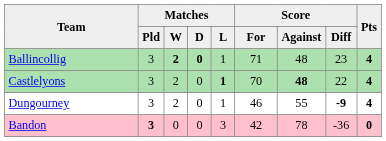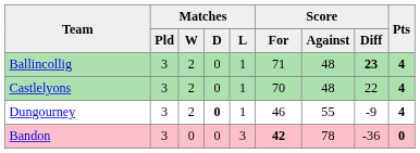 <table style=border-collapse:collapse border=1 cellspacing=0 cellpadding=5>
 <tr align=center bgcolor=#efefef>
 <th rowspan=2 width=165>Team</th>
 <th colspan=4>Matches</th>
 <th colspan=3>Score</th>
 <th rowspan=2width=20>Pts</th>
 </tr>
 <tr align=center bgcolor=#efefef>
 <th width=20>Pld</th>
 <th width=20>W</th>
 <th width=20>D</th>
 <th width=20>L</th>
 <th width=45>For</th>
 <th width=45>Against</th>
 <th width=30>Diff</th>
 </tr>
 <tr align=center style="background:#ACE1AF;">
 <td style="text-align:left;"><a href='#'>Ballincollig</a></td>
 <td>3</td>
-<td><strong>2</strong></td>
-<td><strong>0</strong></td>
+<td>2</td>
+<td>0</td>
 <td>1</td>
 <td>71</td>
 <td>48</td>
-<td>23</td>
+<td><strong>23</strong></td>
 <td><strong>4</strong></td>
 </tr>
 <tr align=center style="background:#ACE1AF;">
 <td style="text-align:left;"><a href='#'>Castlelyons</a></td>
 <td>3</td>
 <td>2</td>
 <td>0</td>
-<td><strong>1</strong></td>
+<td>1</td>
 <td>70</td>
-<td><strong>48</strong></td>
+<td>48</td>
 <td>22</td>
 <td><strong>4</strong></td>
 </tr>
 <tr align=center>
 <td style="text-align:left;"><a href='#'>Dungourney</a></td>
 <td>3</td>
 <td>2</td>
-<td>0</td>
+<td><strong>0</strong></td>
 <td>1</td>
 <td>46</td>
 <td>55</td>
-<td><strong>-9</strong></td>
+<td>-9</td>
 <td><strong>4</strong></td>
 </tr>
 <tr align=center style="background:#FFC0CB;">
 <td style="text-align:left;"><a href='#'>Bandon</a></td>
-<td><strong>3</strong></td>
+<td>3</td>
 <td>0</td>
 <td>0</td>
 <td>3</td>
-<td>42</td>
+<td><strong>42</strong></td>
 <td>78</td>
 <td>-36</td>
 <td><strong>0</strong></td>
 </tr>
 </table>
